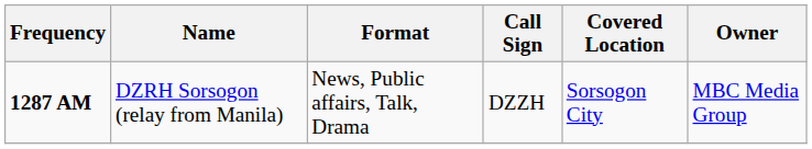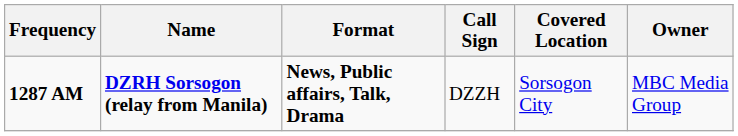 <table class="wikitable">
 <tr>
 <th>Frequency</th>
 <th>Name</th>
 <th>Format</th>
 <th>Call Sign</th>
 <th>Covered Location</th>
 <th>Owner</th>
 </tr>
 <tr>
 <td><strong>1287 AM</strong></td>
-<td><a href='#'>DZRH Sorsogon</a> (relay from Manila)</td>
-<td>News, Public affairs, Talk, Drama</td>
+<td><strong><a href='#'>DZRH Sorsogon</a> (relay from Manila)</strong></td>
+<td><strong>News, Public affairs, Talk, Drama</strong></td>
 <td>DZZH</td>
 <td><a href='#'>Sorsogon City</a></td>
 <td><a href='#'>MBC Media Group</a></td>
 </tr>
 <tr>
 </tr>
 </table>
